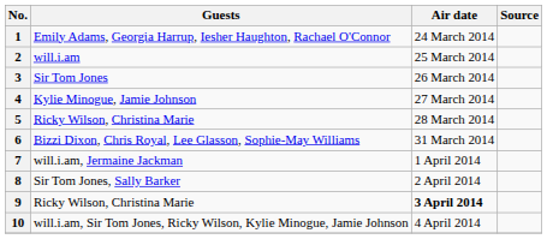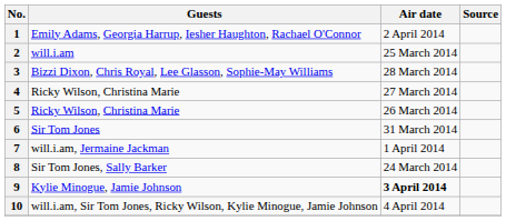 <table class="wikitable unsortable plainrowheaders">
 <tr>
 <th scope="col">No.</th>
 <th scope="col">Guests</th>
 <th scope="col">Air date</th>
 <th scope="col">Source</th>
 </tr>
 <tr>
 <th scope="row" style="text-align:center;">1</th>
 <td><a href='#'>Emily Adams</a>, <a href='#'>Georgia Harrup</a>, <a href='#'>Iesher Haughton</a>, <a href='#'>Rachael O'Connor</a></td>
-<td>24 March 2014</td>
+<td>2 April 2014</td>
 <td style="text-align:center;"></td>
 </tr>
 <tr>
 <th scope="row" style="text-align:center;">2</th>
 <td><a href='#'>will.i.am</a></td>
 <td>25 March 2014</td>
 <td style="text-align:center;"></td>
 </tr>
 <tr>
 <th scope="row" style="text-align:center;">3</th>
-<td><a href='#'>Sir Tom Jones</a></td>
-<td>26 March 2014</td>
+<td><a href='#'>Bizzi Dixon</a>, <a href='#'>Chris Royal</a>, <a href='#'>Lee Glasson</a>, <a href='#'>Sophie-May Williams</a></td>
+<td>28 March 2014</td>
 <td style="text-align:center;"></td>
 </tr>
 <tr>
 <th scope="row" style="text-align:center;">4</th>
-<td><a href='#'>Kylie Minogue</a>, <a href='#'>Jamie Johnson</a></td>
+<td>Ricky Wilson, Christina Marie</td>
 <td>27 March 2014</td>
 <td style="text-align:center;"></td>
 </tr>
 <tr>
 <th scope="row" style="text-align:center;">5</th>
 <td><a href='#'>Ricky Wilson</a>, <a href='#'>Christina Marie</a></td>
-<td>28 March 2014</td>
+<td>26 March 2014</td>
 <td style="text-align:center;"></td>
 </tr>
 <tr>
 <th scope="row" style="text-align:center;">6</th>
-<td><a href='#'>Bizzi Dixon</a>, <a href='#'>Chris Royal</a>, <a href='#'>Lee Glasson</a>, <a href='#'>Sophie-May Williams</a></td>
+<td><a href='#'>Sir Tom Jones</a></td>
 <td>31 March 2014</td>
 <td style="text-align:center;"></td>
 </tr>
 <tr>
 <th scope="row" style="text-align:center;">7</th>
 <td>will.i.am, <a href='#'>Jermaine Jackman</a></td>
 <td>1 April 2014</td>
 <td style="text-align:center;"></td>
 </tr>
 <tr>
 <th scope="row" style="text-align:center;">8</th>
 <td>Sir Tom Jones, <a href='#'>Sally Barker</a></td>
-<td>2 April 2014</td>
+<td>24 March 2014</td>
 <td style="text-align:center;"></td>
 </tr>
 <tr>
 <th scope="row" style="text-align:center;">9</th>
-<td>Ricky Wilson, Christina Marie</td>
+<td><a href='#'>Kylie Minogue</a>, <a href='#'>Jamie Johnson</a></td>
 <td><strong>3 April 2014</strong></td>
 <td style="text-align:center;"></td>
 </tr>
 <tr>
 <th scope="row" style="text-align:center;">10</th>
 <td>will.i.am, Sir Tom Jones, Ricky Wilson, Kylie Minogue, Jamie Johnson</td>
 <td>4 April 2014</td>
 <td style="text-align:center;"></td>
 </tr>
 <tr>
 </tr>
 </table>
